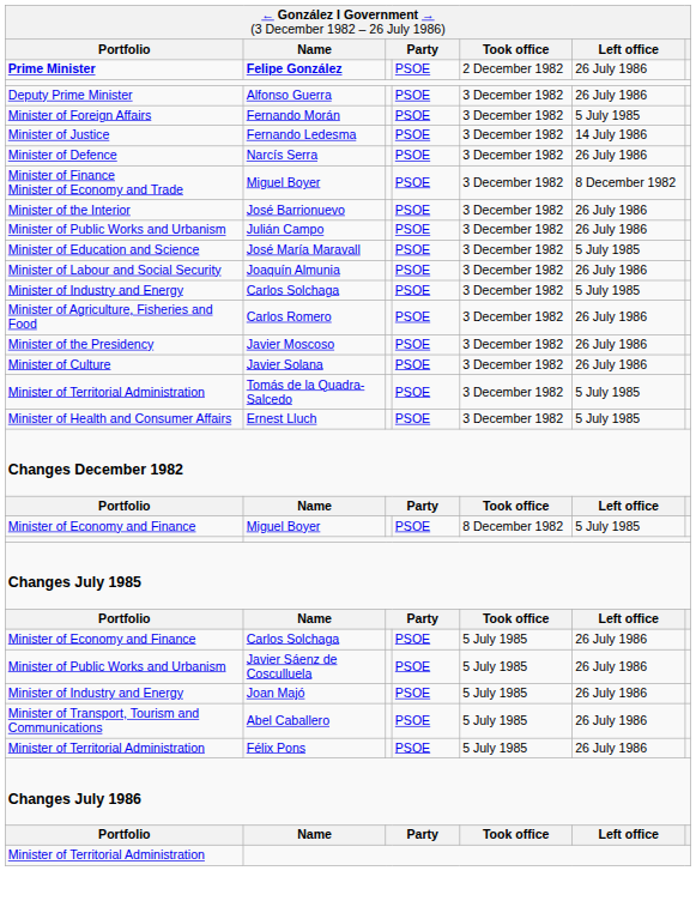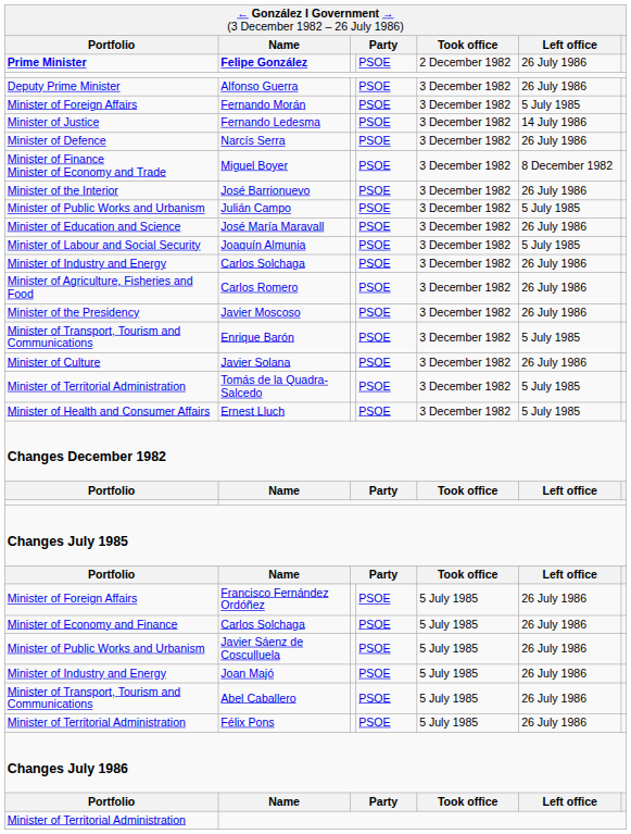 <table class="wikitable">
 <tr>
 <td colspan="7" bgcolor="#F2F2F2" align="center"><a href='#'>←</a> <strong>González I Government</strong> <a href='#'>→</a><br>(3 December 1982 – 26 July 1986)</td>
 </tr>
 <tr>
 <th>Portfolio</th>
 <th>Name</th>
 <th width="100px" colspan="2">Party</th>
 <th width="135px">Took office</th>
 <th width="135px">Left office</th>
 <th></th>
 </tr>
 <tr>
 <td><strong><a href='#'>Prime Minister</a></strong></td>
 <td><strong><a href='#'>Felipe González</a></strong></td>
 <td width="1" style="background-color:"></td>
 <td><a href='#'>PSOE</a></td>
 <td>2 December 1982</td>
 <td>26 July 1986</td>
 <td align="center"></td>
 </tr>
 <tr>
 <td colspan="7"></td>
 </tr>
 <tr>
 <td><a href='#'>Deputy Prime Minister</a></td>
 <td><a href='#'>Alfonso Guerra</a></td>
 <td style="background-color:"></td>
 <td><a href='#'>PSOE</a></td>
 <td>3 December 1982</td>
 <td>26 July 1986</td>
 <td align="center"></td>
 </tr>
 <tr>
 <td><a href='#'>Minister of Foreign Affairs</a></td>
 <td><a href='#'>Fernando Morán</a></td>
 <td style="background-color:"></td>
 <td><a href='#'>PSOE</a></td>
 <td>3 December 1982</td>
 <td>5 July 1985</td>
 <td align="center"></td>
 </tr>
 <tr>
 <td><a href='#'>Minister of Justice</a></td>
 <td><a href='#'>Fernando Ledesma</a></td>
 <td style="background-color:"></td>
 <td><a href='#'>PSOE</a> </td>
 <td>3 December 1982</td>
 <td>14 July 1986</td>
 <td align="center"></td>
 </tr>
 <tr>
 <td><a href='#'>Minister of Defence</a></td>
 <td><a href='#'>Narcís Serra</a></td>
 <td style="background-color:"></td>
 <td><a href='#'>PSOE</a> </td>
 <td>3 December 1982</td>
 <td>26 July 1986</td>
 <td align="center"></td>
 </tr>
 <tr>
 <td><a href='#'>Minister of Finance</a><br><a href='#'>Minister of Economy and Trade</a></td>
 <td><a href='#'>Miguel Boyer</a></td>
 <td style="background-color:"></td>
 <td><a href='#'>PSOE</a></td>
 <td>3 December 1982</td>
 <td>8 December 1982</td>
 <td align="center"></td>
 </tr>
 <tr>
 <td><a href='#'>Minister of the Interior</a></td>
 <td><a href='#'>José Barrionuevo</a></td>
 <td style="background-color:"></td>
 <td><a href='#'>PSOE</a></td>
 <td>3 December 1982</td>
 <td>26 July 1986</td>
 <td align="center"></td>
 </tr>
 <tr>
 <td><a href='#'>Minister of Public Works and Urbanism</a></td>
 <td><a href='#'>Julián Campo</a></td>
 <td style="background-color:"></td>
 <td><a href='#'>PSOE</a></td>
 <td>3 December 1982</td>
-<td>26 July 1986</td>
+<td>5 July 1985</td>
 <td align="center"></td>
 </tr>
 <tr>
 <td><a href='#'>Minister of Education and Science</a></td>
 <td><a href='#'>José María Maravall</a></td>
 <td style="background-color:"></td>
 <td><a href='#'>PSOE</a></td>
 <td>3 December 1982</td>
-<td>5 July 1985</td>
+<td>26 July 1986</td>
 <td align="center"></td>
 </tr>
 <tr>
 <td><a href='#'>Minister of Labour and Social Security</a></td>
 <td><a href='#'>Joaquín Almunia</a></td>
 <td style="background-color:"></td>
 <td><a href='#'>PSOE</a></td>
 <td>3 December 1982</td>
-<td>26 July 1986</td>
+<td>5 July 1985</td>
 <td align="center"></td>
 </tr>
 <tr>
 <td><a href='#'>Minister of Industry and Energy</a></td>
 <td><a href='#'>Carlos Solchaga</a></td>
 <td style="background-color:"></td>
 <td><a href='#'>PSOE</a></td>
 <td>3 December 1982</td>
-<td>5 July 1985</td>
+<td>26 July 1986</td>
 <td align="center"></td>
 </tr>
 <tr>
 <td><a href='#'>Minister of Agriculture, Fisheries and Food</a></td>
 <td><a href='#'>Carlos Romero</a></td>
 <td style="background-color:"></td>
 <td><a href='#'>PSOE</a></td>
 <td>3 December 1982</td>
 <td>26 July 1986</td>
 <td align="center"></td>
 </tr>
 <tr>
 <td><a href='#'>Minister of the Presidency</a></td>
 <td><a href='#'>Javier Moscoso</a></td>
 <td style="background-color:"></td>
 <td><a href='#'>PSOE</a> </td>
 <td>3 December 1982</td>
 <td>26 July 1986</td>
+<td align="center"></td>
+</tr>
+<tr>
+<td><a href='#'>Minister of Transport, Tourism and Communications</a></td>
+<td><a href='#'>Enrique Barón</a></td>
+<td style="background-color:"></td>
+<td><a href='#'>PSOE</a></td>
+<td>3 December 1982</td>
+<td>5 July 1985</td>
 <td align="center"></td>
 </tr>
 <tr>
 <td><a href='#'>Minister of Culture</a></td>
 <td><a href='#'>Javier Solana</a></td>
 <td style="background-color:"></td>
 <td><a href='#'>PSOE</a></td>
 <td>3 December 1982</td>
 <td>26 July 1986</td>
 <td align="center"></td>
 </tr>
 <tr>
 <td><a href='#'>Minister of Territorial Administration</a></td>
 <td><a href='#'>Tomás de la Quadra-Salcedo</a></td>
 <td style="background-color:"></td>
 <td><a href='#'>PSOE</a></td>
 <td>3 December 1982</td>
 <td>5 July 1985</td>
 <td align="center"></td>
 </tr>
 <tr>
 <td><a href='#'>Minister of Health and Consumer Affairs</a></td>
 <td><a href='#'>Ernest Lluch</a></td>
 <td style="background-color:"></td>
 <td><a href='#'>PSOE</a> </td>
 <td>3 December 1982</td>
 <td>5 July 1985</td>
 <td align="center"></td>
 </tr>
 <tr>
 <td colspan="7"><br><h3>Changes December 1982</h3></td>
 </tr>
 <tr>
 <th>Portfolio</th>
 <th>Name</th>
 <th colspan="2">Party</th>
 <th>Took office</th>
 <th>Left office</th>
 <th></th>
 </tr>
 <tr>
-<td><a href='#'>Minister of Economy and Finance</a></td>
-<td><a href='#'>Miguel Boyer</a></td>
-<td style="background-color:"></td>
-<td><a href='#'>PSOE</a></td>
-<td>8 December 1982</td>
-<td>5 July 1985</td>
-<td align="center"></td>
-</tr>
-<tr>
 <td></td>
 <td colspan="6"></td>
 </tr>
 <tr>
 <td colspan="7"><br><h3>Changes July 1985</h3></td>
 </tr>
 <tr>
 <th>Portfolio</th>
 <th>Name</th>
 <th colspan="2">Party</th>
 <th>Took office</th>
 <th>Left office</th>
 <th></th>
+</tr>
+<tr>
+<td><a href='#'>Minister of Foreign Affairs</a></td>
+<td><a href='#'>Francisco Fernández Ordóñez</a></td>
+<td style="background-color:"></td>
+<td><a href='#'>PSOE</a></td>
+<td>5 July 1985</td>
+<td>26 July 1986</td>
+<td align="center"></td>
 </tr>
 <tr>
 <td><a href='#'>Minister of Economy and Finance</a></td>
 <td><a href='#'>Carlos Solchaga</a></td>
 <td style="background-color:"></td>
 <td><a href='#'>PSOE</a></td>
 <td>5 July 1985</td>
 <td>26 July 1986</td>
 <td align="center"></td>
 </tr>
 <tr>
 <td><a href='#'>Minister of Public Works and Urbanism</a></td>
 <td><a href='#'>Javier Sáenz de Cosculluela</a></td>
 <td style="background-color:"></td>
 <td><a href='#'>PSOE</a></td>
 <td>5 July 1985</td>
 <td>26 July 1986</td>
 <td align="center"></td>
 </tr>
 <tr>
 <td><a href='#'>Minister of Industry and Energy</a></td>
 <td><a href='#'>Joan Majó</a></td>
 <td style="background-color:"></td>
 <td><a href='#'>PSOE</a> </td>
 <td>5 July 1985</td>
 <td>26 July 1986</td>
 <td align="center"></td>
 </tr>
 <tr>
 <td><a href='#'>Minister of Transport, Tourism and Communications</a></td>
 <td><a href='#'>Abel Caballero</a></td>
 <td style="background-color:"></td>
 <td><a href='#'>PSOE</a></td>
 <td>5 July 1985</td>
 <td>26 July 1986</td>
 <td align="center"></td>
 </tr>
 <tr>
 <td><a href='#'>Minister of Territorial Administration</a></td>
 <td><a href='#'>Félix Pons</a></td>
 <td style="background-color:"></td>
 <td><a href='#'>PSOE</a></td>
 <td>5 July 1985</td>
 <td>26 July 1986</td>
 <td align="center"></td>
 </tr>
 <tr>
 <td colspan="7"><br><h3>Changes July 1986</h3></td>
 </tr>
 <tr>
 <th>Portfolio</th>
 <th>Name</th>
 <th colspan="2">Party</th>
 <th>Took office</th>
 <th>Left office</th>
 <th></th>
 </tr>
 <tr>
 <td><a href='#'>Minister of Territorial Administration</a></td>
 <td colspan="6"></td>
 </tr>
 </table>
